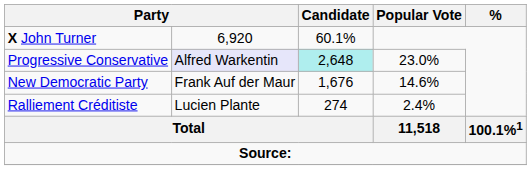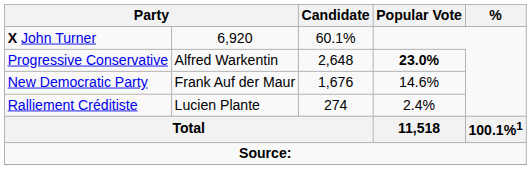 <table class="wikitable">
 <tr>
 <th colspan="2">Party</th>
 <th>Candidate</th>
 <th>Popular Vote</th>
 <th>%</th>
 </tr>
 <tr>
 <td> <strong>X</strong> <a href='#'>John Turner</a></td>
 <td align=center>6,920</td>
 <td align=center>60.1%</td>
 </tr>
 <tr>
 <td><a href='#'>Progressive Conservative</a></td>
-<td style="background: lavender;">Alfred Warkentin</td>
-<td align=center style="background: paleturquoise;">2,648</td>
-<td align=center>23.0%</td>
+<td>Alfred Warkentin</td>
+<td align=center>2,648</td>
+<td align=center><strong>23.0%</strong></td>
 </tr>
 <tr>
 <td><a href='#'>New Democratic Party</a></td>
 <td>Frank Auf der Maur</td>
 <td align=center>1,676</td>
 <td align=center>14.6%</td>
 </tr>
 <tr>
 <td><a href='#'>Ralliement Créditiste</a></td>
 <td>Lucien Plante</td>
 <td align=center>274</td>
 <td align=center>2.4%</td>
 </tr>
 <tr>
 <th colspan=3>Total</th>
 <th>11,518</th>
 <th>100.1%<sup>1</sup></th>
 </tr>
 <tr>
 <td align="center" colspan=5><strong>Source:</strong> </td>
 </tr>
 <tr>
 </tr>
 </table>
